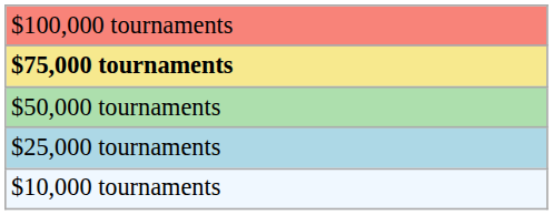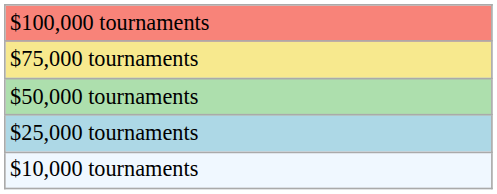 <table class="wikitable" style="font-size:85%;" width="15%">
 <tr style="background:#f88379;">
 <td>$100,000 tournaments</td>
 </tr>
 <tr bgcolor="#F7E98E">
-<td><strong>$75,000 tournaments</strong></td>
+<td>$75,000 tournaments</td>
 </tr>
 <tr bgcolor="#ADDFAD">
 <td>$50,000 tournaments</td>
 </tr>
 <tr bgcolor="lightblue">
 <td>$25,000 tournaments</td>
 </tr>
 <tr bgcolor="#f0f8ff">
 <td>$10,000 tournaments</td>
 </tr>
 </table>
